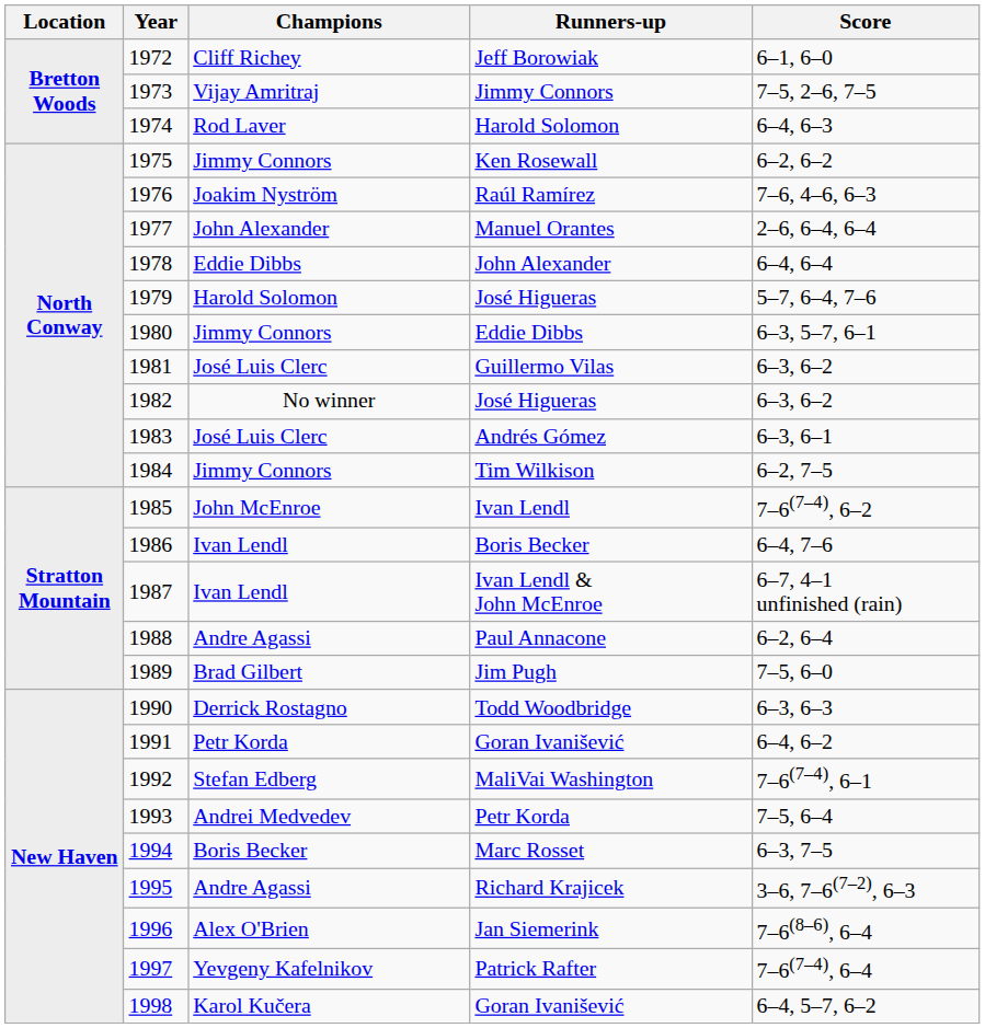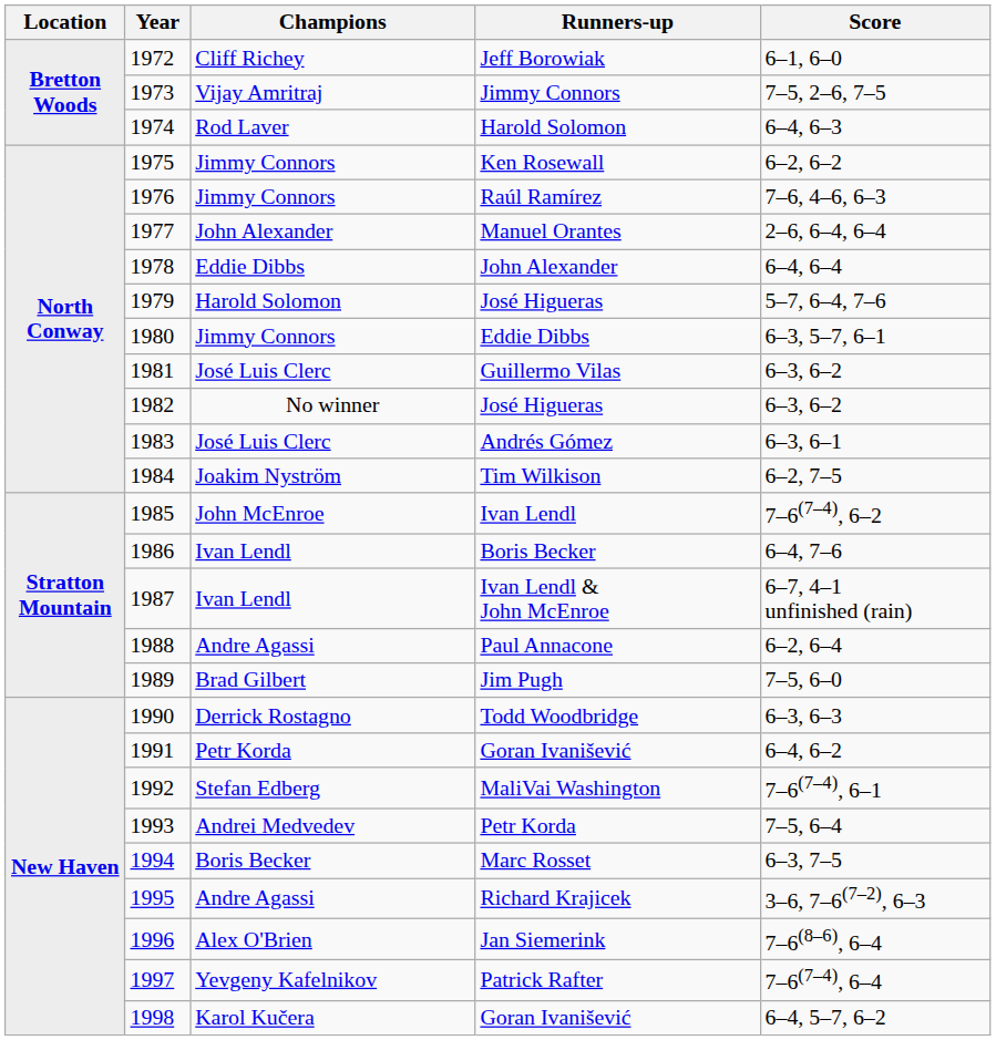 <table class="wikitable">
 <tr>
 <th style="width:80px">Location</th>
 <th style="width:40px">Year</th>
 <th style="width:200px">Champions</th>
 <th style="width:200px">Runners-up</th>
 <th style="width:160px" class="unsortable">Score</th>
 </tr>
 <tr>
 <th rowspan="3" style="background:#ededed"><a href='#'>Bretton Woods</a></th>
 <td>1972</td>
 <td> <a href='#'>Cliff Richey</a></td>
 <td> <a href='#'>Jeff Borowiak</a></td>
 <td>6–1, 6–0</td>
 </tr>
 <tr>
 <td>1973</td>
 <td> <a href='#'>Vijay Amritraj</a></td>
 <td> <a href='#'>Jimmy Connors</a></td>
 <td>7–5, 2–6, 7–5</td>
 </tr>
 <tr>
 <td>1974</td>
 <td> <a href='#'>Rod Laver</a></td>
 <td> <a href='#'>Harold Solomon</a></td>
 <td>6–4, 6–3</td>
 </tr>
 <tr>
 <th rowspan="10" style="background:#ededed"><a href='#'>North Conway</a></th>
 <td>1975</td>
 <td> <a href='#'>Jimmy Connors</a></td>
 <td> <a href='#'>Ken Rosewall</a></td>
 <td>6–2, 6–2</td>
 </tr>
 <tr>
 <td>1976</td>
-<td> <a href='#'>Joakim Nyström</a></td>
+<td> <a href='#'>Jimmy Connors</a></td>
 <td> <a href='#'>Raúl Ramírez</a></td>
 <td>7–6, 4–6, 6–3</td>
 </tr>
 <tr>
 <td>1977</td>
 <td> <a href='#'>John Alexander</a></td>
 <td> <a href='#'>Manuel Orantes</a></td>
 <td>2–6, 6–4, 6–4</td>
 </tr>
 <tr>
 <td>1978</td>
 <td> <a href='#'>Eddie Dibbs</a></td>
 <td> <a href='#'>John Alexander</a></td>
 <td>6–4, 6–4</td>
 </tr>
 <tr>
 <td>1979</td>
 <td> <a href='#'>Harold Solomon</a></td>
 <td> <a href='#'>José Higueras</a></td>
 <td>5–7, 6–4, 7–6</td>
 </tr>
 <tr>
 <td>1980</td>
 <td> <a href='#'>Jimmy Connors</a></td>
 <td> <a href='#'>Eddie Dibbs</a></td>
 <td>6–3, 5–7, 6–1</td>
 </tr>
 <tr>
 <td>1981</td>
 <td> <a href='#'>José Luis Clerc</a></td>
 <td> <a href='#'>Guillermo Vilas</a></td>
 <td>6–3, 6–2</td>
 </tr>
 <tr>
 <td>1982</td>
 <td align=center>No winner</td>
 <td> <a href='#'>José Higueras</a></td>
 <td>6–3, 6–2</td>
 </tr>
 <tr>
 <td>1983</td>
 <td> <a href='#'>José Luis Clerc</a></td>
 <td> <a href='#'>Andrés Gómez</a></td>
 <td>6–3, 6–1</td>
 </tr>
 <tr>
 <td>1984</td>
-<td> <a href='#'>Jimmy Connors</a></td>
+<td> <a href='#'>Joakim Nyström</a></td>
 <td> <a href='#'>Tim Wilkison</a></td>
 <td>6–2, 7–5</td>
 </tr>
 <tr>
 <th rowspan="5" style="background:#ededed"><a href='#'>Stratton Mountain</a></th>
 <td>1985</td>
 <td> <a href='#'>John McEnroe</a></td>
 <td> <a href='#'>Ivan Lendl</a></td>
 <td>7–6<sup>(7–4)</sup>, 6–2</td>
 </tr>
 <tr>
 <td>1986</td>
 <td> <a href='#'>Ivan Lendl</a></td>
 <td> <a href='#'>Boris Becker</a></td>
 <td>6–4, 7–6</td>
 </tr>
 <tr>
 <td>1987</td>
 <td> <a href='#'>Ivan Lendl</a></td>
 <td> <a href='#'>Ivan Lendl</a> &<br> <a href='#'>John McEnroe</a></td>
 <td>6–7, 4–1<br>unfinished (rain)</td>
 </tr>
 <tr>
 <td>1988</td>
 <td> <a href='#'>Andre Agassi</a></td>
 <td> <a href='#'>Paul Annacone</a></td>
 <td>6–2, 6–4</td>
 </tr>
 <tr>
 <td>1989</td>
 <td> <a href='#'>Brad Gilbert</a></td>
 <td> <a href='#'>Jim Pugh</a></td>
 <td>7–5, 6–0</td>
 </tr>
 <tr>
 <th rowspan="9" style="background:#ededed"><a href='#'>New Haven</a></th>
 <td>1990</td>
 <td> <a href='#'>Derrick Rostagno</a></td>
 <td> <a href='#'>Todd Woodbridge</a></td>
 <td>6–3, 6–3</td>
 </tr>
 <tr>
 <td>1991</td>
 <td> <a href='#'>Petr Korda</a></td>
 <td> <a href='#'>Goran Ivanišević</a></td>
 <td>6–4, 6–2</td>
 </tr>
 <tr>
 <td>1992</td>
 <td> <a href='#'>Stefan Edberg</a></td>
 <td> <a href='#'>MaliVai Washington</a></td>
 <td>7–6<sup>(7–4)</sup>, 6–1</td>
 </tr>
 <tr>
 <td>1993</td>
 <td> <a href='#'>Andrei Medvedev</a></td>
 <td> <a href='#'>Petr Korda</a></td>
 <td>7–5, 6–4</td>
 </tr>
 <tr>
 <td><a href='#'>1994</a></td>
 <td> <a href='#'>Boris Becker</a></td>
 <td> <a href='#'>Marc Rosset</a></td>
 <td>6–3, 7–5</td>
 </tr>
 <tr>
 <td><a href='#'>1995</a></td>
 <td> <a href='#'>Andre Agassi</a></td>
 <td> <a href='#'>Richard Krajicek</a></td>
 <td>3–6, 7–6<sup>(7–2)</sup>, 6–3</td>
 </tr>
 <tr>
 <td><a href='#'>1996</a></td>
 <td> <a href='#'>Alex O'Brien</a></td>
 <td> <a href='#'>Jan Siemerink</a></td>
 <td>7–6<sup>(8–6)</sup>, 6–4</td>
 </tr>
 <tr>
 <td><a href='#'>1997</a></td>
 <td> <a href='#'>Yevgeny Kafelnikov</a></td>
 <td> <a href='#'>Patrick Rafter</a></td>
 <td>7–6<sup>(7–4)</sup>, 6–4</td>
 </tr>
 <tr>
 <td><a href='#'>1998</a></td>
 <td> <a href='#'>Karol Kučera</a></td>
 <td> <a href='#'>Goran Ivanišević</a></td>
 <td>6–4, 5–7, 6–2</td>
 </tr>
 </table>
